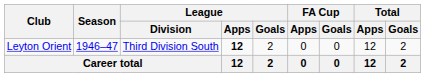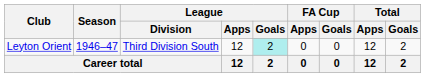 <table class="wikitable" style="text-align:center">
 <tr>
 <th rowspan="2">Club</th>
 <th rowspan="2">Season</th>
 <th colspan="3">League</th>
 <th colspan="2">FA Cup</th>
 <th colspan="2">Total</th>
 </tr>
 <tr>
 <th>Division</th>
 <th>Apps</th>
 <th>Goals</th>
 <th>Apps</th>
 <th>Goals</th>
 <th>Apps</th>
 <th>Goals</th>
 </tr>
 <tr>
 <td><a href='#'>Leyton Orient</a></td>
 <td><a href='#'>1946–47</a></td>
 <td><a href='#'>Third Division South</a></td>
-<td><strong>12</strong></td>
-<td>2</td>
+<td>12</td>
+<td style="background: paleturquoise;">2</td>
 <td>0</td>
 <td>0</td>
 <td>12</td>
 <td>2</td>
 </tr>
 <tr>
 <th colspan="3">Career total</th>
 <th>12</th>
 <th>2</th>
 <th>0</th>
 <th>0</th>
 <th>12</th>
 <th>2</th>
 </tr>
 </table>
